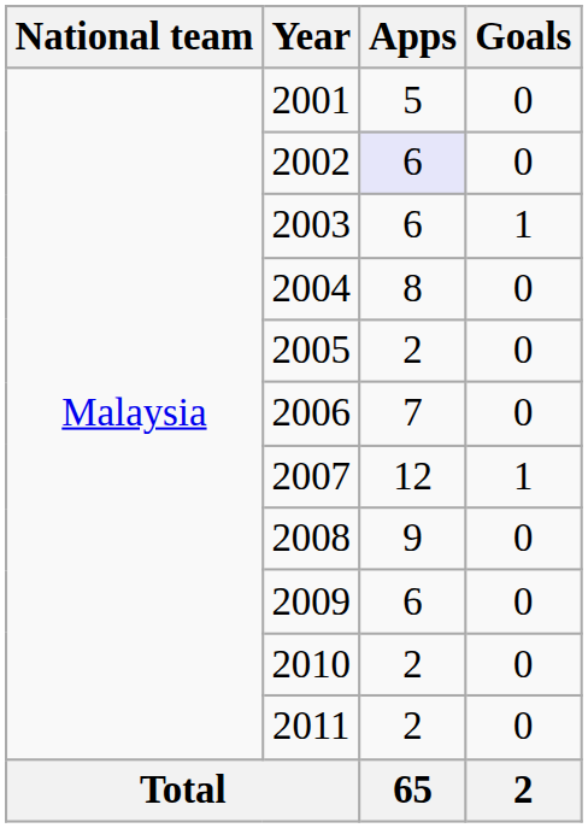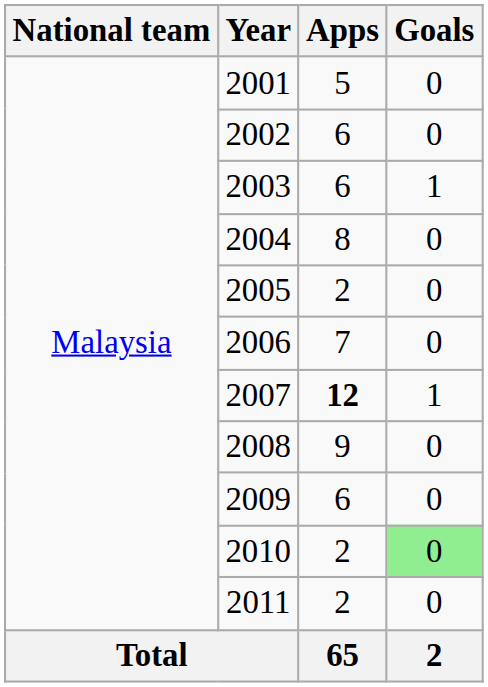 <table class=wikitable style="text-align: center;">
 <tr>
 <th>National team</th>
 <th>Year</th>
 <th>Apps</th>
 <th>Goals</th>
 </tr>
 <tr>
 <td rowspan=11><a href='#'>Malaysia</a></td>
 <td>2001</td>
 <td>5</td>
 <td>0</td>
 </tr>
 <tr>
 <td>2002</td>
-<td style="background: lavender;">6</td>
+<td>6</td>
 <td>0</td>
 </tr>
 <tr>
 <td>2003</td>
 <td>6</td>
 <td>1</td>
 </tr>
 <tr>
 <td>2004</td>
 <td>8</td>
 <td>0</td>
 </tr>
 <tr>
 <td>2005</td>
 <td>2</td>
 <td>0</td>
 </tr>
 <tr>
 <td>2006</td>
 <td>7</td>
 <td>0</td>
 </tr>
 <tr>
 <td>2007</td>
-<td>12</td>
+<td><strong>12</strong></td>
 <td>1</td>
 </tr>
 <tr>
 <td>2008</td>
 <td>9</td>
 <td>0</td>
 </tr>
 <tr>
 <td>2009</td>
 <td>6</td>
 <td>0</td>
 </tr>
 <tr>
 <td>2010</td>
 <td>2</td>
-<td>0</td>
+<td style="background: lightgreen;">0</td>
 </tr>
 <tr>
 <td>2011</td>
 <td>2</td>
 <td>0</td>
 </tr>
 <tr>
 <th colspan=2>Total</th>
 <th>65</th>
 <th>2</th>
 </tr>
 </table>
